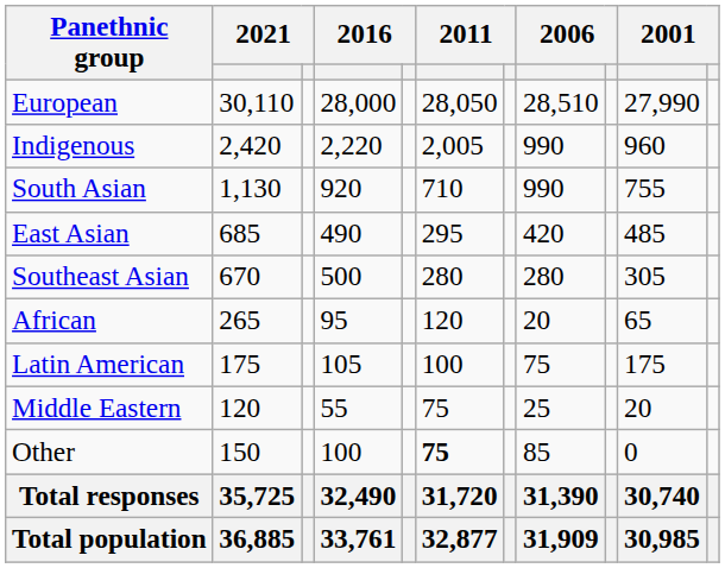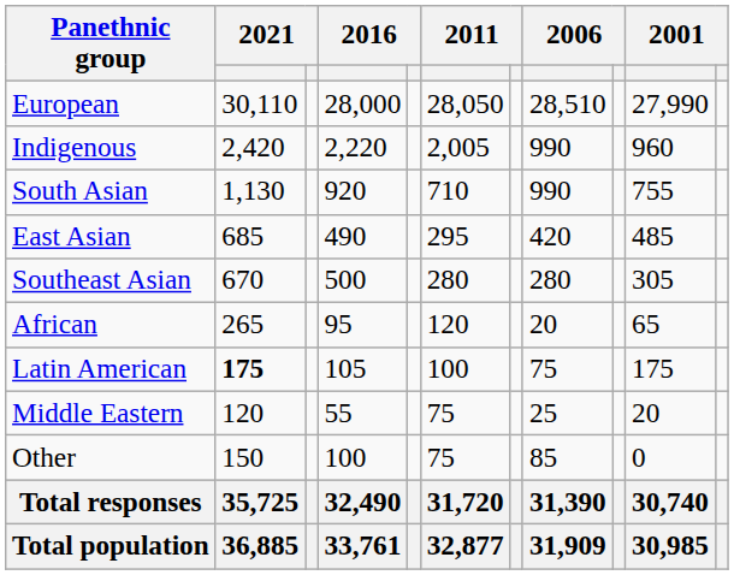 <table class="wikitable collapsible sortable">
 <tr>
 <th rowspan="2"><a href='#'>Panethnic</a><br>group</th>
 <th colspan="2">2021</th>
 <th colspan="2">2016</th>
 <th colspan="2">2011</th>
 <th colspan="2">2006</th>
 <th colspan="2">2001</th>
 </tr>
 <tr>
 <th><a href='#'></a></th>
 <th></th>
 <th></th>
 <th></th>
 <th></th>
 <th></th>
 <th></th>
 <th></th>
 <th></th>
 <th></th>
 </tr>
 <tr>
 <td><a href='#'>European</a></td>
 <td>30,110</td>
 <td></td>
 <td>28,000</td>
 <td></td>
 <td>28,050</td>
 <td></td>
 <td>28,510</td>
 <td></td>
 <td>27,990</td>
 <td></td>
 </tr>
 <tr>
 <td><a href='#'>Indigenous</a></td>
 <td>2,420</td>
 <td></td>
 <td>2,220</td>
 <td></td>
 <td>2,005</td>
 <td></td>
 <td>990</td>
 <td></td>
 <td>960</td>
 <td></td>
 </tr>
 <tr>
 <td><a href='#'>South Asian</a></td>
 <td>1,130</td>
 <td></td>
 <td>920</td>
 <td></td>
 <td>710</td>
 <td></td>
 <td>990</td>
 <td></td>
 <td>755</td>
 <td></td>
 </tr>
 <tr>
 <td><a href='#'>East Asian</a></td>
 <td>685</td>
 <td></td>
 <td>490</td>
 <td></td>
 <td>295</td>
 <td></td>
 <td>420</td>
 <td></td>
 <td>485</td>
 <td></td>
 </tr>
 <tr>
 <td><a href='#'>Southeast Asian</a></td>
 <td>670</td>
 <td></td>
 <td>500</td>
 <td></td>
 <td>280</td>
 <td></td>
 <td>280</td>
 <td></td>
 <td>305</td>
 <td></td>
 </tr>
 <tr>
 <td><a href='#'>African</a></td>
 <td>265</td>
 <td></td>
 <td>95</td>
 <td></td>
 <td>120</td>
 <td></td>
 <td>20</td>
 <td></td>
 <td>65</td>
 <td></td>
 </tr>
 <tr>
 <td><a href='#'>Latin American</a></td>
-<td>175</td>
+<td><strong>175</strong></td>
 <td></td>
 <td>105</td>
 <td></td>
 <td>100</td>
 <td></td>
 <td>75</td>
 <td></td>
 <td>175</td>
 <td></td>
 </tr>
 <tr>
 <td><a href='#'>Middle Eastern</a></td>
 <td>120</td>
 <td></td>
 <td>55</td>
 <td></td>
 <td>75</td>
 <td></td>
 <td>25</td>
 <td></td>
 <td>20</td>
 <td></td>
 </tr>
 <tr>
 <td>Other</td>
 <td>150</td>
 <td></td>
 <td>100</td>
 <td></td>
-<td><strong>75</strong></td>
+<td>75</td>
 <td></td>
 <td>85</td>
 <td></td>
 <td>0</td>
 <td></td>
 </tr>
 <tr>
 <th>Total responses</th>
 <th>35,725</th>
 <th></th>
 <th>32,490</th>
 <th></th>
 <th>31,720</th>
 <th></th>
 <th>31,390</th>
 <th></th>
 <th>30,740</th>
 <th></th>
 </tr>
 <tr>
 <th>Total population</th>
 <th>36,885</th>
 <th></th>
 <th>33,761</th>
 <th></th>
 <th>32,877</th>
 <th></th>
 <th>31,909</th>
 <th></th>
 <th>30,985</th>
 <th></th>
 </tr>
 </table>
